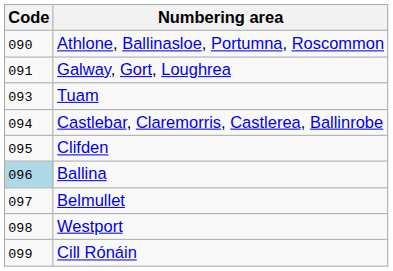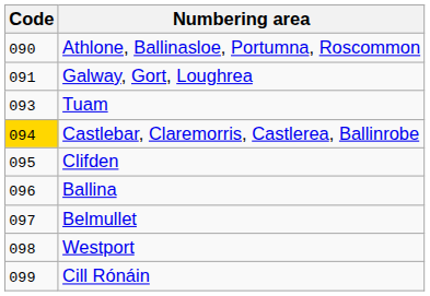 <table class="wikitable">
 <tr>
 <th>Code</th>
 <th>Numbering area</th>
 </tr>
 <tr>
 <td><code>090</code></td>
 <td><a href='#'>Athlone</a>, <a href='#'>Ballinasloe</a>, <a href='#'>Portumna</a>, <a href='#'>Roscommon</a></td>
 </tr>
 <tr>
 <td><code>091</code></td>
 <td><a href='#'>Galway</a>, <a href='#'>Gort</a>, <a href='#'>Loughrea</a></td>
 </tr>
 <tr>
 <td><code>093</code></td>
 <td><a href='#'>Tuam</a></td>
 </tr>
 <tr>
-<td><code>094</code></td>
+<td style="background: gold;"><code>094</code></td>
 <td><a href='#'>Castlebar</a>, <a href='#'>Claremorris</a>, <a href='#'>Castlerea</a>, <a href='#'>Ballinrobe</a></td>
 </tr>
 <tr>
 <td><code>095</code></td>
 <td><a href='#'>Clifden</a></td>
 </tr>
 <tr>
-<td style="background: lightblue;"><code>096</code></td>
+<td><code>096</code></td>
 <td><a href='#'>Ballina</a></td>
 </tr>
 <tr>
 <td><code>097</code></td>
 <td><a href='#'>Belmullet</a></td>
 </tr>
 <tr>
 <td><code>098</code></td>
 <td><a href='#'>Westport</a></td>
 </tr>
 <tr>
 <td><code>099</code></td>
 <td><a href='#'>Cill Rónáin</a></td>
 </tr>
 </table>
